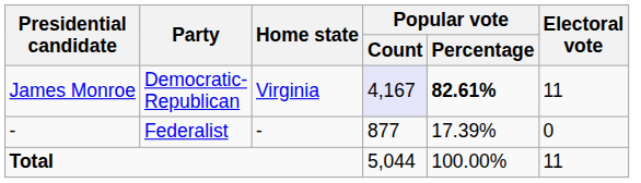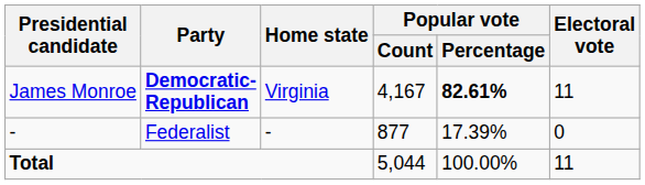 <table class="wikitable">
 <tr>
 <th rowspan="2">Presidential<br>candidate</th>
 <th rowspan="2">Party</th>
 <th rowspan="2">Home state</th>
 <th colspan="2">Popular vote</th>
 <th rowspan="2">Electoral<br>vote</th>
 </tr>
 <tr>
 <th>Count</th>
 <th>Percentage</th>
 </tr>
 <tr>
 <td><a href='#'>James Monroe</a></td>
-<td><a href='#'>Democratic-</a><br><a href='#'>Republican</a></td>
+<td><strong><a href='#'>Democratic-</a><br><a href='#'>Republican</a></strong></td>
 <td><a href='#'>Virginia</a></td>
-<td style="background: lavender;">4,167</td>
+<td>4,167</td>
 <td><strong>82.61%</strong></td>
 <td>11</td>
 </tr>
 <tr>
 <td>-</td>
 <td><a href='#'>Federalist</a></td>
 <td>-</td>
 <td>877</td>
 <td>17.39%</td>
 <td>0</td>
 </tr>
 <tr>
 <td colspan="3"><strong>Total</strong></td>
 <td>5,044</td>
 <td>100.00%</td>
 <td>11</td>
 </tr>
 </table>
